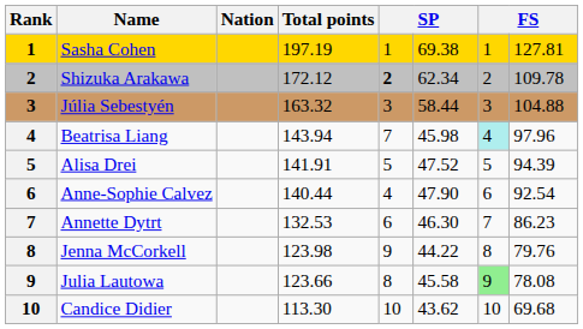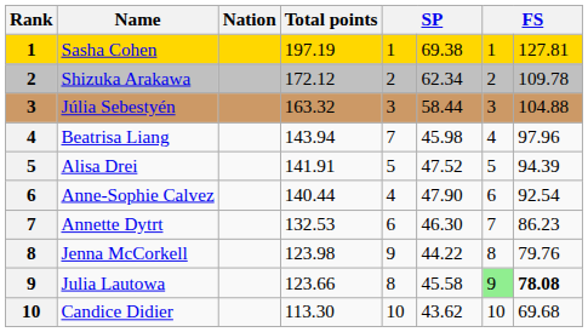 <table class="wikitable">
 <tr>
 <th>Rank</th>
 <th>Name</th>
 <th>Nation</th>
 <th>Total points</th>
 <th colspan="2" width="80px"><a href='#'>SP</a></th>
 <th colspan="2" width="80px"><a href='#'>FS</a></th>
 </tr>
 <tr bgcolor="gold">
 <td align="center"><strong>1</strong></td>
 <td><a href='#'>Sasha Cohen</a></td>
 <td></td>
 <td>197.19</td>
 <td>1</td>
 <td>69.38</td>
 <td>1</td>
 <td>127.81</td>
 </tr>
 <tr bgcolor="silver">
 <td align="center"><strong>2</strong></td>
 <td><a href='#'>Shizuka Arakawa</a></td>
 <td></td>
 <td>172.12</td>
-<td><strong>2</strong></td>
+<td>2</td>
 <td>62.34</td>
 <td>2</td>
 <td>109.78</td>
 </tr>
 <tr bgcolor="cc9966">
 <td align="center"><strong>3</strong></td>
 <td><a href='#'>Júlia Sebestyén</a></td>
 <td></td>
 <td>163.32</td>
 <td>3</td>
 <td>58.44</td>
 <td>3</td>
 <td>104.88</td>
 </tr>
 <tr>
 <th>4</th>
 <td><a href='#'>Beatrisa Liang</a></td>
 <td></td>
 <td>143.94</td>
 <td>7</td>
 <td>45.98</td>
-<td style="background: paleturquoise;">4</td>
+<td>4</td>
 <td>97.96</td>
 </tr>
 <tr>
 <th>5</th>
 <td><a href='#'>Alisa Drei</a></td>
 <td></td>
 <td>141.91</td>
 <td>5</td>
 <td>47.52</td>
 <td>5</td>
 <td>94.39</td>
 </tr>
 <tr>
 <th>6</th>
 <td><a href='#'>Anne-Sophie Calvez</a></td>
 <td></td>
 <td>140.44</td>
 <td>4</td>
 <td>47.90</td>
 <td>6</td>
 <td>92.54</td>
 </tr>
 <tr>
 <th>7</th>
 <td><a href='#'>Annette Dytrt</a></td>
 <td></td>
 <td>132.53</td>
 <td>6</td>
 <td>46.30</td>
 <td>7</td>
 <td>86.23</td>
 </tr>
 <tr>
 <th>8</th>
 <td><a href='#'>Jenna McCorkell</a></td>
 <td></td>
 <td>123.98</td>
 <td>9</td>
 <td>44.22</td>
 <td>8</td>
 <td>79.76</td>
 </tr>
 <tr>
 <th>9</th>
 <td><a href='#'>Julia Lautowa</a></td>
 <td></td>
 <td>123.66</td>
 <td>8</td>
 <td>45.58</td>
 <td style="background: lightgreen;">9</td>
-<td>78.08</td>
+<td><strong>78.08</strong></td>
 </tr>
 <tr>
 <th>10</th>
 <td><a href='#'>Candice Didier</a></td>
 <td></td>
 <td>113.30</td>
 <td>10</td>
 <td>43.62</td>
 <td>10</td>
 <td>69.68</td>
 </tr>
 </table>
